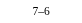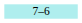 <table style="text-align:center">
 <tr>
 <th width=200></th>
 <th width=100></th>
 <th width=200></th>
 </tr>
 <tr>
 <td align=right><strong></strong></td>
-<td>7–6</td>
+<td style="background: paleturquoise;">7–6</td>
 <td align=left></td>
 </tr>
 </table>
